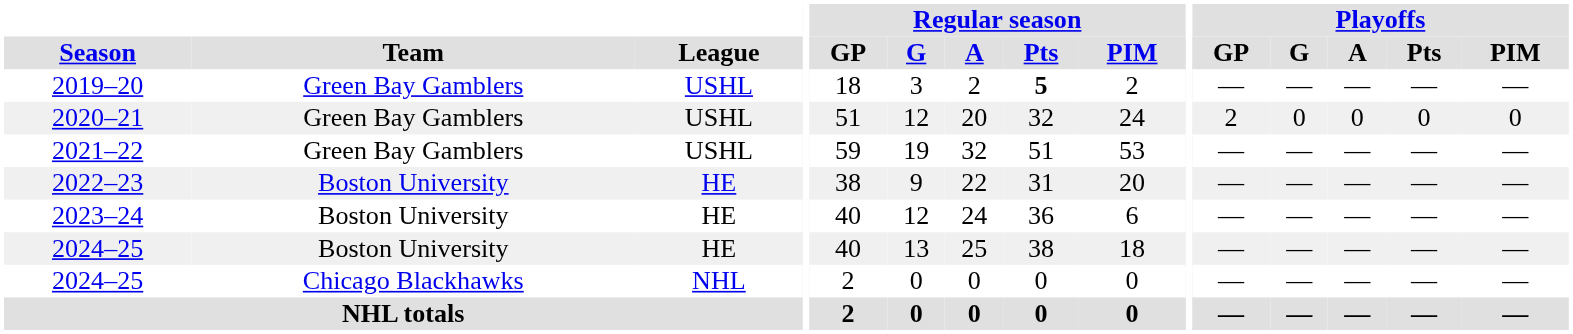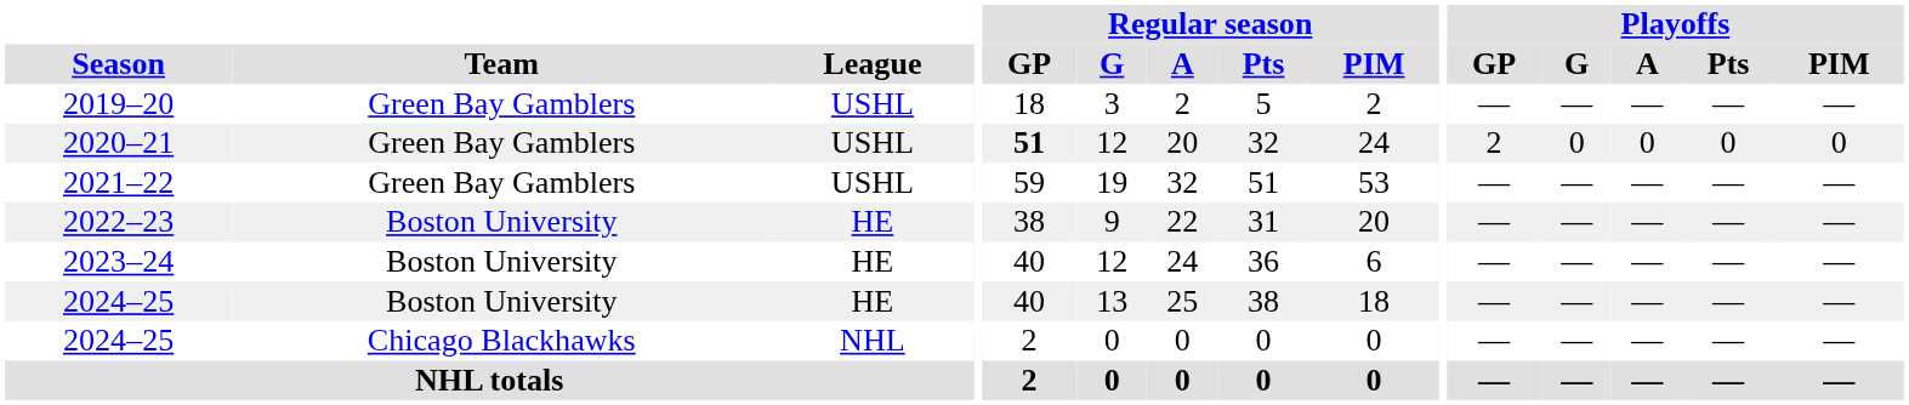 <table border="0" cellpadding="1" cellspacing="0" style="text-align:center; width:60em">
 <tr bgcolor="#e0e0e0">
 <th colspan="3" bgcolor="#ffffff"></th>
 <th rowspan="100" bgcolor="#ffffff"></th>
 <th colspan="5"><a href='#'>Regular season</a></th>
 <th rowspan="100" bgcolor="#ffffff"></th>
 <th colspan="5"><a href='#'>Playoffs</a></th>
 </tr>
 <tr bgcolor="#e0e0e0">
 <th><a href='#'>Season</a></th>
 <th>Team</th>
 <th>League</th>
 <th>GP</th>
 <th><a href='#'>G</a></th>
 <th><a href='#'>A</a></th>
 <th><a href='#'>Pts</a></th>
 <th><a href='#'>PIM</a></th>
 <th>GP</th>
 <th>G</th>
 <th>A</th>
 <th>Pts</th>
 <th>PIM</th>
 </tr>
 <tr>
 <td><a href='#'>2019–20</a></td>
 <td><a href='#'>Green Bay Gamblers</a></td>
 <td><a href='#'>USHL</a></td>
 <td>18</td>
 <td>3</td>
 <td>2</td>
-<td><strong>5</strong></td>
+<td>5</td>
 <td>2</td>
 <td>—</td>
 <td>—</td>
 <td>—</td>
 <td>—</td>
 <td>—</td>
 </tr>
 <tr bgcolor="#f0f0f0">
 <td><a href='#'>2020–21</a></td>
 <td>Green Bay Gamblers</td>
 <td>USHL</td>
-<td>51</td>
+<td><strong>51</strong></td>
 <td>12</td>
 <td>20</td>
 <td>32</td>
 <td>24</td>
 <td>2</td>
 <td>0</td>
 <td>0</td>
 <td>0</td>
 <td>0</td>
 </tr>
 <tr>
 <td><a href='#'>2021–22</a></td>
 <td>Green Bay Gamblers</td>
 <td>USHL</td>
 <td>59</td>
 <td>19</td>
 <td>32</td>
 <td>51</td>
 <td>53</td>
 <td>—</td>
 <td>—</td>
 <td>—</td>
 <td>—</td>
 <td>—</td>
 </tr>
 <tr bgcolor="#f0f0f0">
 <td><a href='#'>2022–23</a></td>
 <td><a href='#'>Boston University</a></td>
 <td><a href='#'>HE</a></td>
 <td>38</td>
 <td>9</td>
 <td>22</td>
 <td>31</td>
 <td>20</td>
 <td>—</td>
 <td>—</td>
 <td>—</td>
 <td>—</td>
 <td>—</td>
 </tr>
 <tr>
 <td><a href='#'>2023–24</a></td>
 <td>Boston University</td>
 <td>HE</td>
 <td>40</td>
 <td>12</td>
 <td>24</td>
 <td>36</td>
 <td>6</td>
 <td>—</td>
 <td>—</td>
 <td>—</td>
 <td>—</td>
 <td>—</td>
 </tr>
 <tr bgcolor="#f0f0f0">
 <td><a href='#'>2024–25</a></td>
 <td>Boston University</td>
 <td>HE</td>
 <td>40</td>
 <td>13</td>
 <td>25</td>
 <td>38</td>
 <td>18</td>
 <td>—</td>
 <td>—</td>
 <td>—</td>
 <td>—</td>
 <td>—</td>
 </tr>
 <tr>
 <td><a href='#'>2024–25</a></td>
 <td><a href='#'>Chicago Blackhawks</a></td>
 <td><a href='#'>NHL</a></td>
 <td>2</td>
 <td>0</td>
 <td>0</td>
 <td>0</td>
 <td>0</td>
 <td>—</td>
 <td>—</td>
 <td>—</td>
 <td>—</td>
 <td>—</td>
 </tr>
 <tr bgcolor="#e0e0e0">
 <th colspan="3">NHL totals</th>
 <th>2</th>
 <th>0</th>
 <th>0</th>
 <th>0</th>
 <th>0</th>
 <th>—</th>
 <th>—</th>
 <th>—</th>
 <th>—</th>
 <th>—</th>
 </tr>
 </table>
